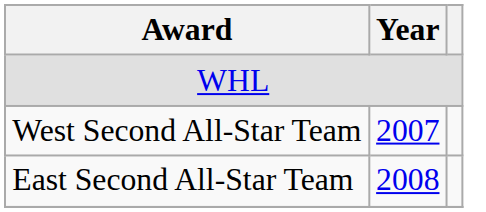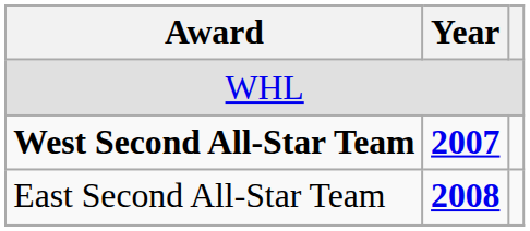 <table class="wikitable">
 <tr>
 <th>Award</th>
 <th>Year</th>
 <th></th>
 </tr>
 <tr ALIGN="center" bgcolor="#e0e0e0">
 <td colspan="3"><a href='#'>WHL</a></td>
 </tr>
 <tr>
-<td>West Second All-Star Team</td>
-<td><a href='#'>2007</a></td>
+<td><strong>West Second All-Star Team</strong></td>
+<td><strong><a href='#'>2007</a></strong></td>
 <td></td>
 </tr>
 <tr>
 <td>East Second All-Star Team</td>
-<td><a href='#'>2008</a></td>
+<td><strong><a href='#'>2008</a></strong></td>
 <td></td>
 </tr>
 <tr>
 </tr>
 </table>
